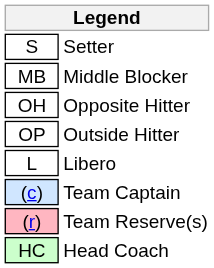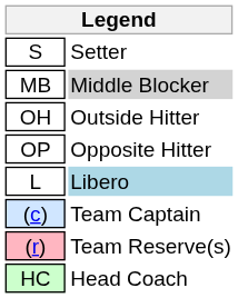 <table class="toccolours" style="float: right; font-size: 90%; white-space: nowrap; valign: middle;">
 <tr>
 <th colspan="6" style="background-color: #F2F2F2; border: 1px solid #AAAAAA;">Legend</th>
 </tr>
 <tr>
 <td style="border: 1px solid black;" align=center>  S  </td>
 <td>Setter</td>
 </tr>
 <tr>
 <td style="border: 1px solid black;" align=center>  MB  </td>
-<td>Middle Blocker</td>
+<td style="background: lightgrey;">Middle Blocker</td>
 </tr>
 <tr>
 <td style="border: 1px solid black;" align=center>  OH  </td>
+<td>Outside Hitter</td>
+</tr>
+<tr>
+<td style="border: 1px solid black;" align=center>  OP  </td>
 <td>Opposite Hitter</td>
 </tr>
 <tr>
-<td style="border: 1px solid black;" align=center>  OP  </td>
-<td>Outside Hitter</td>
-</tr>
-<tr>
 <td style="border: 1px solid black;" align=center>  L  </td>
-<td>Libero</td>
+<td style="background: lightblue;">Libero</td>
 </tr>
 <tr>
 <td style="background: #D0E6FF; border: 1px solid black" align=center> (<a href='#'>c</a>) </td>
 <td>Team Captain</td>
 </tr>
 <tr>
 <td style="background: #FFB6C1; border: 1px solid black" align=center> (<a href='#'>r</a>) </td>
 <td>Team Reserve(s)</td>
 </tr>
 <tr>
 <td style="background: #ccffcc; border: 1px solid black" align=center> HC </td>
 <td>Head Coach</td>
 </tr>
 <tr>
 </tr>
 </table>
